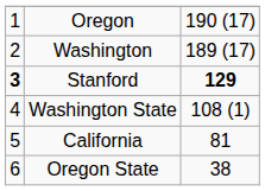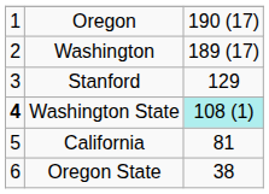 <table class="wikitable" style="display: inline-table;">
 <tr align="center">
 </tr>
 <tr align="center">
 <td>1</td>
 <td>Oregon</td>
 <td>190 (17)</td>
 </tr>
 <tr align="center">
 <td>2</td>
 <td>Washington</td>
 <td>189 (17)</td>
 </tr>
 <tr align="center">
-<td><strong>3</strong></td>
+<td>3</td>
 <td>Stanford</td>
-<td><strong>129</strong></td>
+<td>129</td>
 </tr>
 <tr align="center">
-<td>4</td>
+<td><strong>4</strong></td>
 <td>Washington State</td>
-<td>108 (1)</td>
+<td style="background: paleturquoise;">108 (1)</td>
 </tr>
 <tr align="center">
 <td>5</td>
 <td>California</td>
 <td>81</td>
 </tr>
 <tr align="center">
 <td>6</td>
 <td>Oregon State</td>
 <td>38</td>
 </tr>
 </table>
